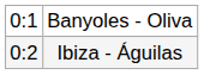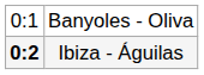 <table class="wikitable">
 <tr align=center bgcolor=white>
 <td>0:1</td>
 <td>Banyoles - Oliva</td>
 </tr>
 <tr align=center bgcolor=#F5F5F5>
-<td>0:2</td>
+<td><strong>0:2</strong></td>
 <td>Ibiza - Águilas</td>
 </tr>
 </table>
